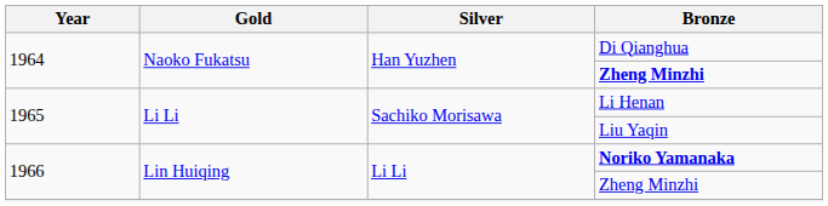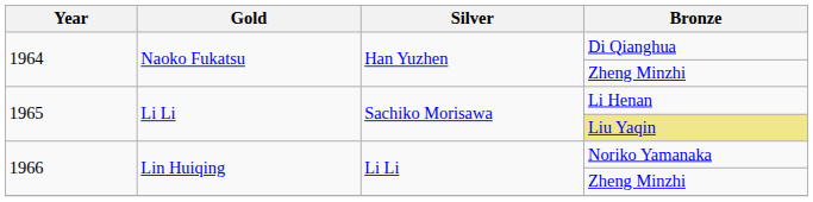 <table class="wikitable" style="text-align: left; width: 750px;">
 <tr>
 <th width="100">Year</th>
 <th width="175">Gold</th>
 <th width="175">Silver</th>
 <th width="175">Bronze</th>
 </tr>
 <tr>
 <td rowspan=2>1964</td>
 <td rowspan=2> <a href='#'>Naoko Fukatsu</a></td>
 <td rowspan=2> <a href='#'>Han Yuzhen</a></td>
 <td> <a href='#'>Di Qianghua</a></td>
 </tr>
 <tr>
-<td><strong> <a href='#'>Zheng Minzhi</a></strong></td>
+<td> <a href='#'>Zheng Minzhi</a></td>
 </tr>
 <tr>
 <td rowspan=2>1965</td>
 <td rowspan=2> <a href='#'>Li Li</a></td>
 <td rowspan=2> <a href='#'>Sachiko Morisawa</a></td>
 <td> <a href='#'>Li Henan</a></td>
 </tr>
 <tr>
-<td> <a href='#'>Liu Yaqin</a></td>
+<td style="background: khaki;"> <a href='#'>Liu Yaqin</a></td>
 </tr>
 <tr>
 <td rowspan=2>1966</td>
 <td rowspan=2> <a href='#'>Lin Huiqing</a></td>
 <td rowspan=2> <a href='#'>Li Li</a></td>
-<td><strong> <a href='#'>Noriko Yamanaka</a></strong></td>
+<td> <a href='#'>Noriko Yamanaka</a></td>
 </tr>
 <tr>
 <td> <a href='#'>Zheng Minzhi</a></td>
 </tr>
 <tr>
 </tr>
 </table>
